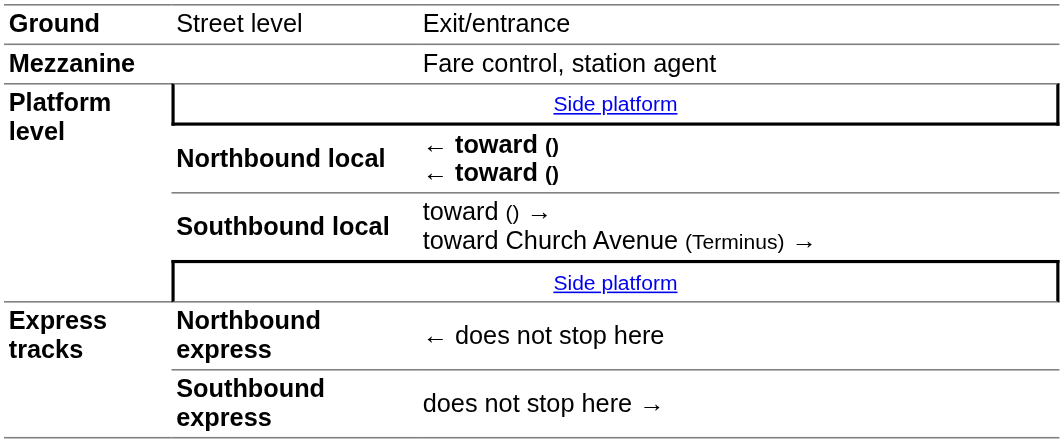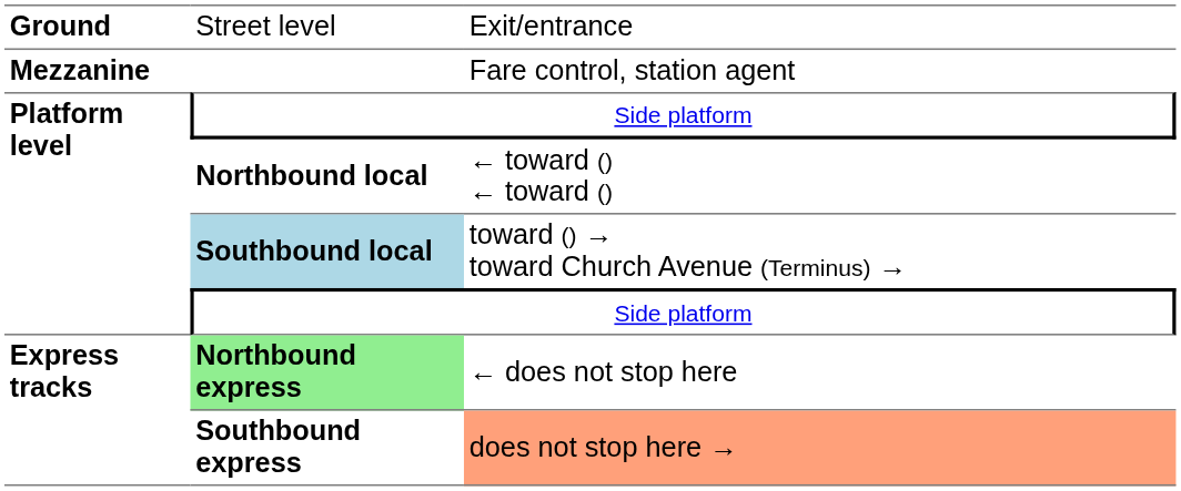 <table table border=0 cellspacing=0 cellpadding=3>
 <tr>
 <td style="border-top:solid 1px gray;" width=100><strong>Ground</strong></td>
 <td style="border-top:solid 1px gray;" width=150>Street level</td>
 <td style="border-top:solid 1px gray;" width=400>Exit/entrance</td>
 </tr>
 <tr>
 <td style="border-top:solid 1px gray;" colspan=2><strong>Mezzanine</strong></td>
 <td style="border-top:solid 1px gray;">Fare control, station agent</td>
 </tr>
 <tr>
 <td style="border-top:solid 1px gray;border-bottom:solid 1px gray;" rowspan=4 valign=top><strong>Platform level</strong></td>
 <td style="border-top:solid 1px gray;border-right:solid 2px black;border-left:solid 2px black;border-bottom:solid 2px black;text-align:center;" colspan=2><small><a href='#'>Side platform</a></small></td>
 </tr>
 <tr>
 <td style="border-bottom:solid 1px gray;"><strong>Northbound local</strong></td>
-<td style="border-bottom:solid 1px gray;"><strong>←  toward  <small>()</small><br>←  toward  <small>()</small></strong></td>
+<td style="border-bottom:solid 1px gray;">←  toward  <small>()</small><br>←  toward  <small>()</small></td>
 </tr>
 <tr>
-<td><strong>Southbound local</strong></td>
+<td style="background: lightblue;"><strong>Southbound local</strong></td>
 <td>  toward  <small>()</small> →<br>  toward Church Avenue <small>(Terminus)</small> →</td>
 </tr>
 <tr>
 <td style="border-bottom:solid 1px gray;border-top:solid 2px black;border-right:solid 2px black;border-left:solid 2px black;text-align:center;" colspan=2><small><a href='#'>Side platform</a></small></td>
 </tr>
 <tr>
 <td style="border-bottom:solid 1px gray;" rowspan=2 valign=top><strong>Express tracks</strong></td>
-<td style="border-bottom:solid 1px gray;"><span><strong>Northbound express</strong></span></td>
+<td style="background: lightgreen; border-bottom:solid 1px gray;"><span><strong>Northbound express</strong></span></td>
 <td style="border-bottom:solid 1px gray;">←  does not stop here</td>
 </tr>
 <tr>
 <td style="border-bottom:solid 1px gray;"><span><strong>Southbound express</strong></span></td>
-<td style="border-bottom:solid 1px gray;">  does not stop here →</td>
+<td style="background: lightsalmon; border-bottom:solid 1px gray;">  does not stop here →</td>
 </tr>
 <tr>
 </tr>
 </table>
